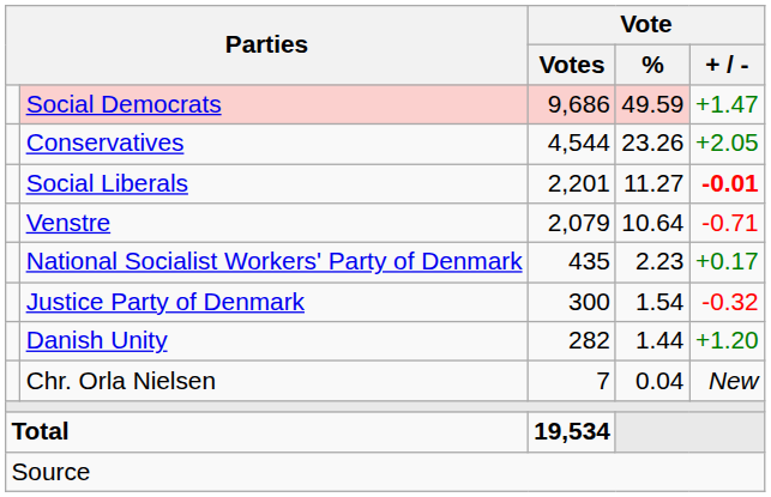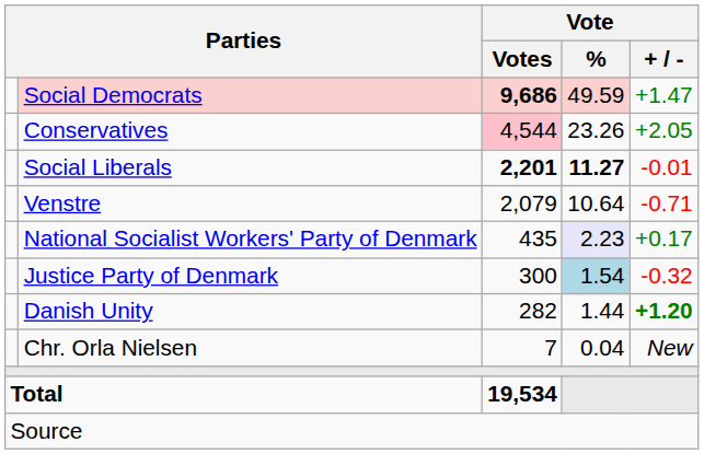 <table class="wikitable" style="text-align:right;">
 <tr>
 <th style="text-align:centre;" rowspan="2" colspan="2" width="225">Parties</th>
 <th colspan="3">Vote</th>
 </tr>
 <tr>
 <th width="15">Votes</th>
 <th width="15">%</th>
 <th width="15">+ / -</th>
 </tr>
 <tr>
 <td width="2" style="color:inherit;background:"></td>
 <td bgcolor=#fbd0ce  align="left"><a href='#'>Social Democrats</a></td>
-<td bgcolor=#fbd0ce>9,686</td>
+<td bgcolor=#fbd0ce><strong>9,686</strong></td>
 <td bgcolor=#fbd0ce>49.59</td>
 <td style=color:green;>+1.47</td>
 </tr>
 <tr>
 <td width="2" style="color:inherit;background:"></td>
 <td align="left"><a href='#'>Conservatives</a></td>
-<td>4,544</td>
+<td style="background: pink;">4,544</td>
 <td>23.26</td>
 <td style=color:green;>+2.05</td>
 </tr>
 <tr>
 <td width="2" style="color:inherit;background:"></td>
 <td align="left"><a href='#'>Social Liberals</a></td>
-<td>2,201</td>
-<td>11.27</td>
-<td style=color:red;><strong>-0.01</strong></td>
+<td><strong>2,201</strong></td>
+<td><strong>11.27</strong></td>
+<td style=color:red;>-0.01</td>
 </tr>
 <tr>
 <td width="2" style="color:inherit;background:"></td>
 <td align="left"><a href='#'>Venstre</a></td>
 <td>2,079</td>
 <td>10.64</td>
 <td style=color:red;>-0.71</td>
 </tr>
 <tr>
 <td width="2" style="color:inherit;background:"></td>
 <td align="left"><a href='#'>National Socialist Workers' Party of Denmark</a></td>
 <td>435</td>
-<td>2.23</td>
+<td style="background: lavender;">2.23</td>
 <td style=color:green;>+0.17</td>
 </tr>
 <tr>
 <td width="2" style="color:inherit;background:"></td>
 <td align="left"><a href='#'>Justice Party of Denmark</a></td>
 <td>300</td>
-<td>1.54</td>
+<td style="background: lightblue;">1.54</td>
 <td style=color:red;>-0.32</td>
 </tr>
 <tr>
 <td width="2" style="color:inherit;background:"></td>
 <td align="left"><a href='#'>Danish Unity</a></td>
 <td>282</td>
 <td>1.44</td>
-<td style=color:green;>+1.20</td>
+<td style=color:green;><strong>+1.20</strong></td>
 </tr>
 <tr>
 <td width="2" style="color:inherit;background:"></td>
 <td align="left">Chr. Orla Nielsen</td>
 <td>7</td>
 <td>0.04</td>
 <td><em>New</em></td>
 </tr>
 <tr>
 <td colspan="7" bgcolor="#E9E9E9"></td>
 </tr>
 <tr>
 <td align="left" colspan="2"><strong>Total</strong></td>
 <td><strong>19,534</strong></td>
 <td bgcolor="#E9E9E9" colspan="2"></td>
 </tr>
 <tr>
 <td align="left" colspan="6">Source</td>
 </tr>
 </table>
